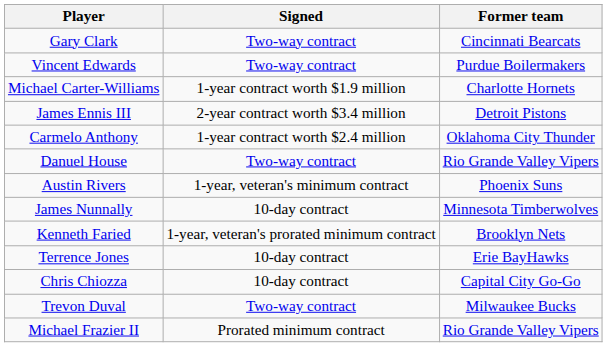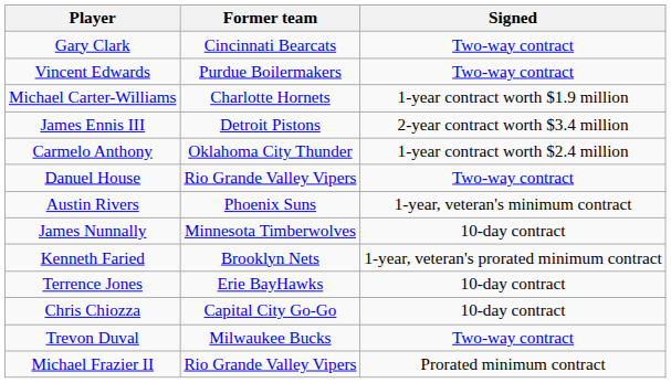 <table class="wikitable sortable sortable" style="text-align: center">
 <tr>
 <th>Player</th>
+<th>Former team</th>
 <th>Signed</th>
-<th>Former team</th>
 </tr>
 <tr style="text-align: center">
 <td><a href='#'>Gary Clark</a></td>
+<td><a href='#'>Cincinnati Bearcats</a></td>
 <td><a href='#'>Two-way contract</a></td>
-<td><a href='#'>Cincinnati Bearcats</a></td>
 </tr>
 <tr style="text-align: center">
 <td><a href='#'>Vincent Edwards</a></td>
+<td><a href='#'>Purdue Boilermakers</a></td>
 <td><a href='#'>Two-way contract</a></td>
-<td><a href='#'>Purdue Boilermakers</a></td>
 </tr>
 <tr style="text-align: center">
 <td><a href='#'>Michael Carter-Williams</a></td>
+<td><a href='#'>Charlotte Hornets</a></td>
 <td>1-year contract worth $1.9 million</td>
-<td><a href='#'>Charlotte Hornets</a></td>
 </tr>
 <tr style="text-align: center">
 <td><a href='#'>James Ennis III</a></td>
+<td><a href='#'>Detroit Pistons</a></td>
 <td>2-year contract worth $3.4 million</td>
-<td><a href='#'>Detroit Pistons</a></td>
 </tr>
 <tr style="text-align: center">
 <td><a href='#'>Carmelo Anthony</a></td>
+<td><a href='#'>Oklahoma City Thunder</a></td>
 <td>1-year contract worth $2.4 million</td>
-<td><a href='#'>Oklahoma City Thunder</a></td>
 </tr>
 <tr style="text-align: center">
 <td><a href='#'>Danuel House</a></td>
+<td><a href='#'>Rio Grande Valley Vipers</a></td>
 <td><a href='#'>Two-way contract</a></td>
-<td><a href='#'>Rio Grande Valley Vipers</a></td>
 </tr>
 <tr style="text-align: center">
 <td><a href='#'>Austin Rivers</a></td>
+<td><a href='#'>Phoenix Suns</a></td>
 <td>1-year, veteran's minimum contract</td>
-<td><a href='#'>Phoenix Suns</a></td>
 </tr>
 <tr style="text-align: center">
 <td><a href='#'>James Nunnally</a></td>
+<td><a href='#'>Minnesota Timberwolves</a></td>
 <td>10-day contract</td>
-<td><a href='#'>Minnesota Timberwolves</a></td>
 </tr>
 <tr style="text-align: center">
 <td><a href='#'>Kenneth Faried</a></td>
+<td><a href='#'>Brooklyn Nets</a></td>
 <td>1-year, veteran's prorated minimum contract</td>
-<td><a href='#'>Brooklyn Nets</a></td>
 </tr>
 <tr style="text-align: center">
 <td><a href='#'>Terrence Jones</a></td>
+<td><a href='#'>Erie BayHawks</a></td>
 <td>10-day contract</td>
-<td><a href='#'>Erie BayHawks</a></td>
 </tr>
 <tr style="text-align: center">
 <td><a href='#'>Chris Chiozza</a></td>
+<td><a href='#'>Capital City Go-Go</a></td>
 <td>10-day contract</td>
-<td><a href='#'>Capital City Go-Go</a></td>
 </tr>
 <tr style="text-align: center">
 <td><a href='#'>Trevon Duval</a></td>
+<td><a href='#'>Milwaukee Bucks</a></td>
 <td><a href='#'>Two-way contract</a></td>
-<td><a href='#'>Milwaukee Bucks</a></td>
 </tr>
 <tr style="text-align: center">
 <td><a href='#'>Michael Frazier II</a></td>
+<td><a href='#'>Rio Grande Valley Vipers</a></td>
 <td>Prorated minimum contract</td>
-<td><a href='#'>Rio Grande Valley Vipers</a></td>
 </tr>
 </table>
